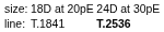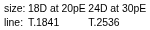 <table style="margin-left:40px;">
 <tr>
 <td>size:</td>
 <td>18D at 20pE</td>
 <td>24D at 30pE</td>
 </tr>
 <tr>
 <td>line:</td>
 <td>T.1841</td>
-<td><strong>T.2536</strong></td>
+<td>T.2536</td>
 </tr>
 </table>
